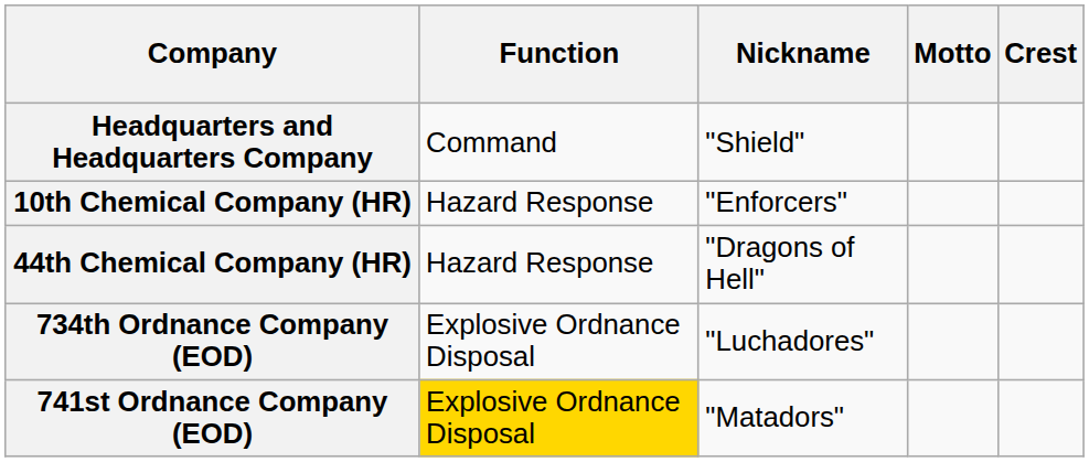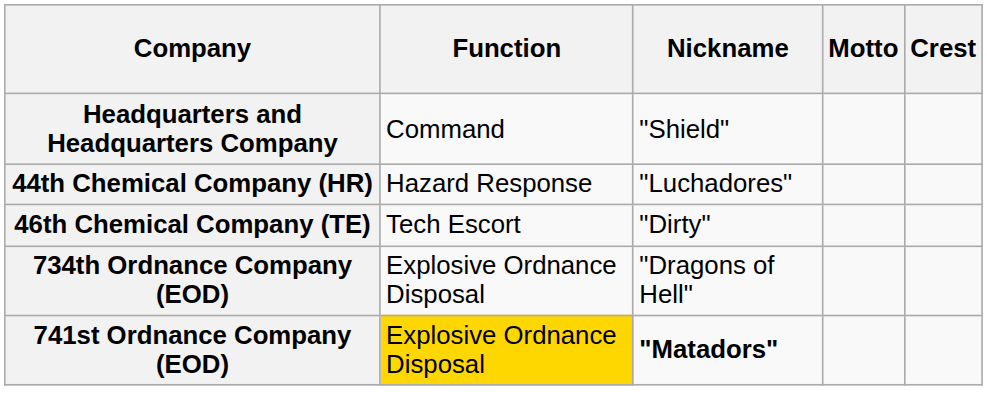 <table class="wikitable ">
 <tr>
 <th style="height: 3em;">Company</th>
 <th>Function</th>
 <th>Nickname</th>
 <th>Motto</th>
 <th>Crest</th>
 </tr>
 <tr>
 <th>Headquarters and Headquarters Company</th>
 <td>Command</td>
 <td>"Shield"</td>
 <td></td>
 <td></td>
 </tr>
 <tr>
-<th>10th Chemical Company (HR)</th>
+<th>44th Chemical Company (HR)</th>
 <td>Hazard Response</td>
-<td>"Enforcers"</td>
+<td>"Luchadores"</td>
 <td></td>
 <td></td>
 </tr>
 <tr>
-<th>44th Chemical Company (HR)</th>
-<td>Hazard Response</td>
-<td>"Dragons of Hell"</td>
+<th>46th Chemical Company (TE)</th>
+<td>Tech Escort</td>
+<td>"Dirty"</td>
 <td></td>
 <td></td>
 </tr>
 <tr>
 <th>734th Ordnance Company (EOD)</th>
 <td>Explosive Ordnance Disposal</td>
-<td>"Luchadores"</td>
+<td>"Dragons of Hell"</td>
 <td></td>
 <td></td>
 </tr>
 <tr>
 <th>741st Ordnance Company (EOD)</th>
 <td style="background: gold;">Explosive Ordnance Disposal</td>
-<td>"Matadors"</td>
+<td><strong>"Matadors"</strong></td>
 <td></td>
 <td><br></td>
 </tr>
 </table>
